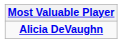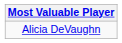 <table class=wikitable style="text-align:center; margin:auto">
 <tr>
 <th><a href='#'>Most Valuable Player</a></th>
 </tr>
 <tr>
-<td><strong> <a href='#'>Alicia DeVaughn</a></strong></td>
+<td> <a href='#'>Alicia DeVaughn</a></td>
 </tr>
 </table>
